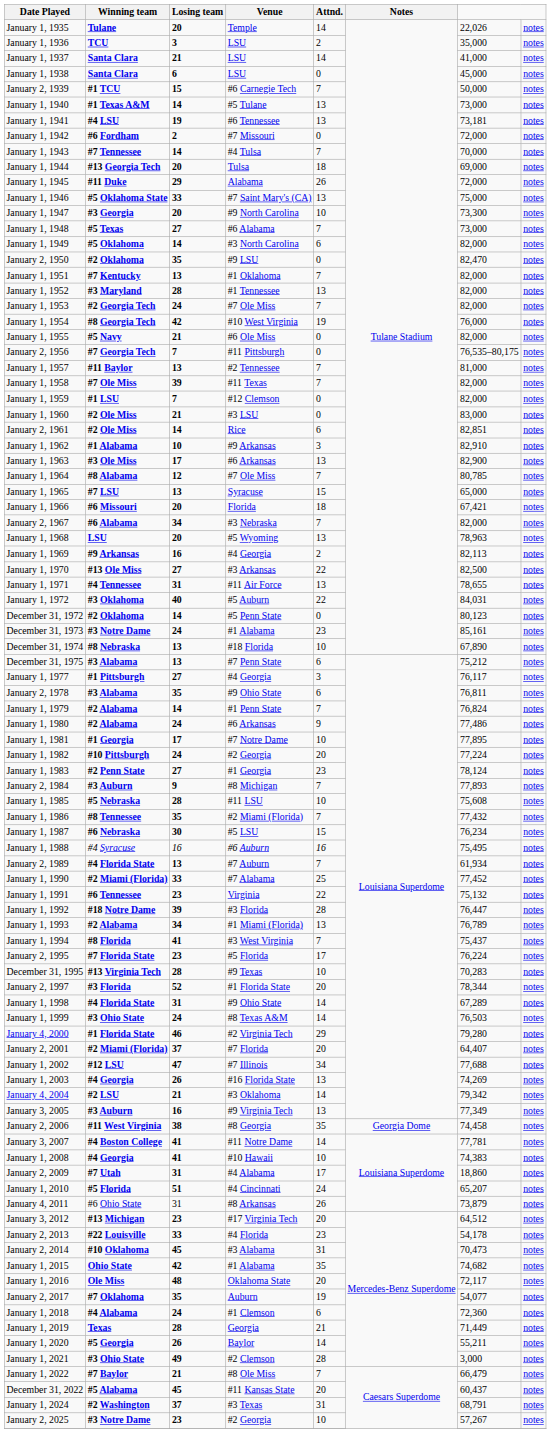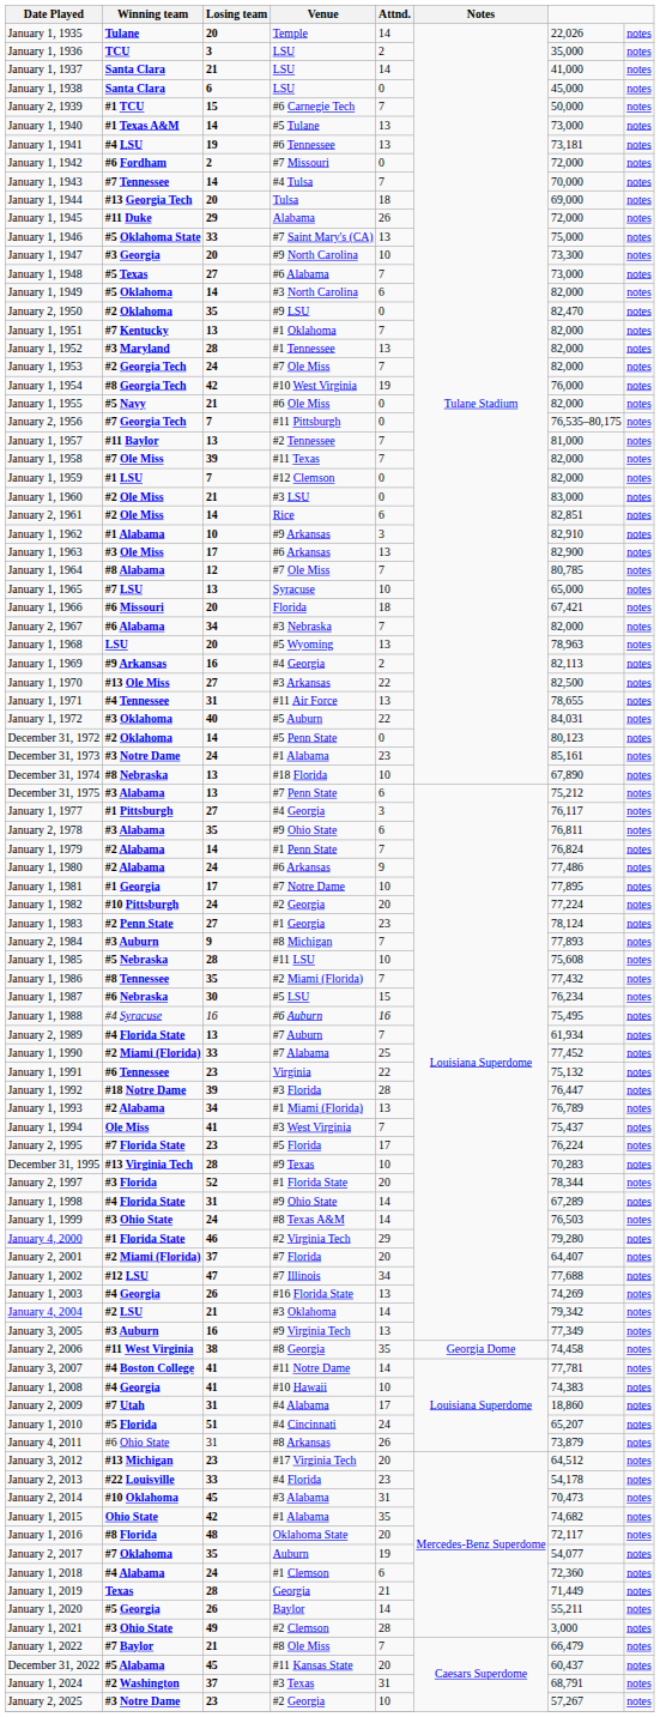 <table class="wikitable">
 <tr>
 <th>Date Played</th>
 <th>Winning team</th>
 <th>Losing team</th>
 <th>Venue</th>
 <th>Attnd.</th>
 <th>Notes</th>
 </tr>
 <tr>
 <td>January 1, 1935</td>
 <td><strong><a href='#'>Tulane</a></strong></td>
 <td><strong>20</strong></td>
 <td><a href='#'>Temple</a></td>
 <td>14</td>
 <td style="text-align:center;" rowspan="41"><a href='#'>Tulane Stadium</a></td>
 <td>22,026</td>
 <td><a href='#'>notes</a></td>
 </tr>
 <tr>
 <td>January 1, 1936</td>
 <td><strong><a href='#'>TCU</a></strong></td>
 <td><strong>3</strong></td>
 <td><a href='#'>LSU</a></td>
 <td>2</td>
 <td>35,000</td>
 <td><a href='#'>notes</a></td>
 </tr>
 <tr>
 <td>January 1, 1937</td>
 <td><strong><a href='#'>Santa Clara</a></strong></td>
 <td><strong>21</strong></td>
 <td><a href='#'>LSU</a></td>
 <td>14</td>
 <td>41,000</td>
 <td><a href='#'>notes</a></td>
 </tr>
 <tr>
 <td>January 1, 1938</td>
 <td><strong><a href='#'>Santa Clara</a></strong></td>
 <td><strong>6</strong></td>
 <td><a href='#'>LSU</a></td>
 <td>0</td>
 <td>45,000</td>
 <td><a href='#'>notes</a></td>
 </tr>
 <tr>
 <td>January 2, 1939</td>
 <td><strong>#1 <a href='#'>TCU</a></strong></td>
 <td><strong>15</strong></td>
 <td>#6 <a href='#'>Carnegie Tech</a></td>
 <td>7</td>
 <td>50,000</td>
 <td><a href='#'>notes</a></td>
 </tr>
 <tr>
 <td>January 1, 1940</td>
 <td><strong>#1 <a href='#'>Texas A&M</a></strong></td>
 <td><strong>14</strong></td>
 <td>#5 <a href='#'>Tulane</a></td>
 <td>13</td>
 <td>73,000</td>
 <td><a href='#'>notes</a></td>
 </tr>
 <tr>
 <td>January 1, 1941</td>
 <td><strong>#4 <a href='#'>LSU</a></strong></td>
 <td><strong>19</strong></td>
 <td>#6 <a href='#'>Tennessee</a></td>
 <td>13</td>
 <td>73,181</td>
 <td><a href='#'>notes</a></td>
 </tr>
 <tr>
 <td>January 1, 1942</td>
 <td><strong>#6 <a href='#'>Fordham</a></strong></td>
 <td><strong>2</strong></td>
 <td>#7 <a href='#'>Missouri</a></td>
 <td>0</td>
 <td>72,000</td>
 <td><a href='#'>notes</a></td>
 </tr>
 <tr>
 <td>January 1, 1943</td>
 <td><strong>#7 <a href='#'>Tennessee</a></strong></td>
 <td><strong>14</strong></td>
 <td>#4 <a href='#'>Tulsa</a></td>
 <td>7</td>
 <td>70,000</td>
 <td><a href='#'>notes</a></td>
 </tr>
 <tr>
 <td>January 1, 1944</td>
 <td><strong>#13 <a href='#'>Georgia Tech</a></strong></td>
 <td><strong>20</strong></td>
 <td><a href='#'>Tulsa</a></td>
 <td>18</td>
 <td>69,000</td>
 <td><a href='#'>notes</a></td>
 </tr>
 <tr>
 <td>January 1, 1945</td>
 <td><strong>#11 <a href='#'>Duke</a></strong></td>
 <td><strong>29</strong></td>
 <td><a href='#'>Alabama</a></td>
 <td>26</td>
 <td>72,000</td>
 <td><a href='#'>notes</a></td>
 </tr>
 <tr>
 <td>January 1, 1946</td>
 <td><strong>#5 <a href='#'>Oklahoma State</a></strong></td>
 <td><strong>33</strong></td>
 <td>#7 <a href='#'>Saint Mary's (CA)</a></td>
 <td>13</td>
 <td>75,000</td>
 <td><a href='#'>notes</a></td>
 </tr>
 <tr>
 <td>January 1, 1947</td>
 <td><strong>#3 <a href='#'>Georgia</a></strong></td>
 <td><strong>20</strong></td>
 <td>#9 <a href='#'>North Carolina</a></td>
 <td>10</td>
 <td>73,300</td>
 <td><a href='#'>notes</a></td>
 </tr>
 <tr>
 <td>January 1, 1948</td>
 <td><strong>#5 <a href='#'>Texas</a></strong></td>
 <td><strong>27</strong></td>
 <td>#6 <a href='#'>Alabama</a></td>
 <td>7</td>
 <td>73,000</td>
 <td><a href='#'>notes</a></td>
 </tr>
 <tr>
 <td>January 1, 1949</td>
 <td><strong>#5 <a href='#'>Oklahoma</a></strong></td>
 <td><strong>14</strong></td>
 <td>#3 <a href='#'>North Carolina</a></td>
 <td>6</td>
 <td>82,000</td>
 <td><a href='#'>notes</a></td>
 </tr>
 <tr>
 <td>January 2, 1950</td>
 <td><strong>#2 <a href='#'>Oklahoma</a></strong></td>
 <td><strong>35</strong></td>
 <td>#9 <a href='#'>LSU</a></td>
 <td>0</td>
 <td>82,470</td>
 <td><a href='#'>notes</a></td>
 </tr>
 <tr>
 <td>January 1, 1951</td>
 <td><strong>#7 <a href='#'>Kentucky</a></strong></td>
 <td><strong>13</strong></td>
 <td>#1 <a href='#'>Oklahoma</a></td>
 <td>7</td>
 <td>82,000</td>
 <td><a href='#'>notes</a></td>
 </tr>
 <tr>
 <td>January 1, 1952</td>
 <td><strong>#3 <a href='#'>Maryland</a></strong></td>
 <td><strong>28</strong></td>
 <td>#1 <a href='#'>Tennessee</a></td>
 <td>13</td>
 <td>82,000</td>
 <td><a href='#'>notes</a></td>
 </tr>
 <tr>
 <td>January 1, 1953</td>
 <td><strong>#2 <a href='#'>Georgia Tech</a></strong></td>
 <td><strong>24</strong></td>
 <td>#7 <a href='#'>Ole Miss</a></td>
 <td>7</td>
 <td>82,000</td>
 <td><a href='#'>notes</a></td>
 </tr>
 <tr>
 <td>January 1, 1954</td>
 <td><strong>#8 <a href='#'>Georgia Tech</a></strong></td>
 <td><strong>42</strong></td>
 <td>#10 <a href='#'>West Virginia</a></td>
 <td>19</td>
 <td>76,000</td>
 <td><a href='#'>notes</a></td>
 </tr>
 <tr>
 <td>January 1, 1955</td>
 <td><strong>#5 <a href='#'>Navy</a></strong></td>
 <td><strong>21</strong></td>
 <td>#6 <a href='#'>Ole Miss</a></td>
 <td>0</td>
 <td>82,000</td>
 <td><a href='#'>notes</a></td>
 </tr>
 <tr>
 <td>January 2, 1956</td>
 <td><strong>#7 <a href='#'>Georgia Tech</a></strong></td>
 <td><strong>7</strong></td>
 <td>#11 <a href='#'>Pittsburgh</a></td>
 <td>0</td>
 <td>76,535–80,175</td>
 <td><a href='#'>notes</a></td>
 </tr>
 <tr>
 <td>January 1, 1957</td>
 <td><strong>#11 <a href='#'>Baylor</a></strong></td>
 <td><strong>13</strong></td>
 <td>#2 <a href='#'>Tennessee</a></td>
 <td>7</td>
 <td>81,000</td>
 <td><a href='#'>notes</a></td>
 </tr>
 <tr>
 <td>January 1, 1958</td>
 <td><strong>#7 <a href='#'>Ole Miss</a></strong></td>
 <td><strong>39</strong></td>
 <td>#11 <a href='#'>Texas</a></td>
 <td>7</td>
 <td>82,000</td>
 <td><a href='#'>notes</a></td>
 </tr>
 <tr>
 <td>January 1, 1959</td>
 <td><strong>#1 <a href='#'>LSU</a></strong></td>
 <td><strong>7</strong></td>
 <td>#12 <a href='#'>Clemson</a></td>
 <td>0</td>
 <td>82,000</td>
 <td><a href='#'>notes</a></td>
 </tr>
 <tr>
 <td>January 1, 1960</td>
 <td><strong>#2 <a href='#'>Ole Miss</a></strong></td>
 <td><strong>21</strong></td>
 <td>#3 <a href='#'>LSU</a></td>
 <td>0</td>
 <td>83,000</td>
 <td><a href='#'>notes</a></td>
 </tr>
 <tr>
 <td>January 2, 1961</td>
 <td><strong>#2 <a href='#'>Ole Miss</a></strong></td>
 <td><strong>14</strong></td>
 <td><a href='#'>Rice</a></td>
 <td>6</td>
 <td>82,851</td>
 <td><a href='#'>notes</a></td>
 </tr>
 <tr>
 <td>January 1, 1962</td>
 <td><strong>#1 <a href='#'>Alabama</a></strong></td>
 <td><strong>10</strong></td>
 <td>#9 <a href='#'>Arkansas</a></td>
 <td>3</td>
 <td>82,910</td>
 <td><a href='#'>notes</a></td>
 </tr>
 <tr>
 <td>January 1, 1963</td>
 <td><strong>#3 <a href='#'>Ole Miss</a></strong></td>
 <td><strong>17</strong></td>
 <td>#6 <a href='#'>Arkansas</a></td>
 <td>13</td>
 <td>82,900</td>
 <td><a href='#'>notes</a></td>
 </tr>
 <tr>
 <td>January 1, 1964</td>
 <td><strong>#8 <a href='#'>Alabama</a></strong></td>
 <td><strong>12</strong></td>
 <td>#7 <a href='#'>Ole Miss</a></td>
 <td>7</td>
 <td>80,785</td>
 <td><a href='#'>notes</a></td>
 </tr>
 <tr>
 <td>January 1, 1965</td>
 <td><strong>#7 <a href='#'>LSU</a></strong></td>
 <td><strong>13</strong></td>
 <td><a href='#'>Syracuse</a></td>
-<td>15</td>
+<td>10</td>
 <td>65,000</td>
 <td><a href='#'>notes</a></td>
 </tr>
 <tr>
 <td>January 1, 1966</td>
 <td><strong>#6 <a href='#'>Missouri</a></strong></td>
 <td><strong>20</strong></td>
 <td><a href='#'>Florida</a></td>
 <td>18</td>
 <td>67,421</td>
 <td><a href='#'>notes</a></td>
 </tr>
 <tr>
 <td>January 2, 1967</td>
 <td><strong>#6 <a href='#'>Alabama</a></strong></td>
 <td><strong>34</strong></td>
 <td>#3 <a href='#'>Nebraska</a></td>
 <td>7</td>
 <td>82,000</td>
 <td><a href='#'>notes</a></td>
 </tr>
 <tr>
 <td>January 1, 1968</td>
 <td><strong><a href='#'>LSU</a></strong></td>
 <td><strong>20</strong></td>
 <td>#5 <a href='#'>Wyoming</a></td>
 <td>13</td>
 <td>78,963</td>
 <td><a href='#'>notes</a></td>
 </tr>
 <tr>
 <td>January 1, 1969</td>
 <td><strong>#9 <a href='#'>Arkansas</a></strong></td>
 <td><strong>16</strong></td>
 <td>#4 <a href='#'>Georgia</a></td>
 <td>2</td>
 <td>82,113</td>
 <td><a href='#'>notes</a></td>
 </tr>
 <tr>
 <td>January 1, 1970</td>
 <td><strong>#13 <a href='#'>Ole Miss</a></strong></td>
 <td><strong>27</strong></td>
 <td>#3 <a href='#'>Arkansas</a></td>
 <td>22</td>
 <td>82,500</td>
 <td><a href='#'>notes</a></td>
 </tr>
 <tr>
 <td>January 1, 1971</td>
 <td><strong>#4 <a href='#'>Tennessee</a></strong></td>
 <td><strong>31</strong></td>
 <td>#11 <a href='#'>Air Force</a></td>
 <td>13</td>
 <td>78,655</td>
 <td><a href='#'>notes</a></td>
 </tr>
 <tr>
 <td>January 1, 1972</td>
 <td><strong>#3 <a href='#'>Oklahoma</a></strong></td>
 <td><strong>40</strong></td>
 <td>#5 <a href='#'>Auburn</a></td>
 <td>22</td>
 <td>84,031</td>
 <td><a href='#'>notes</a></td>
 </tr>
 <tr>
 <td>December 31, 1972</td>
 <td><strong>#2 <a href='#'>Oklahoma</a></strong></td>
 <td><strong>14</strong></td>
 <td>#5 <a href='#'>Penn State</a></td>
 <td>0</td>
 <td>80,123</td>
 <td><a href='#'>notes</a></td>
 </tr>
 <tr>
 <td>December 31, 1973</td>
 <td><strong>#3 <a href='#'>Notre Dame</a></strong></td>
 <td><strong>24</strong></td>
 <td>#1 <a href='#'>Alabama</a></td>
 <td>23</td>
 <td>85,161</td>
 <td><a href='#'>notes</a></td>
 </tr>
 <tr>
 <td>December 31, 1974</td>
 <td><strong>#8 <a href='#'>Nebraska</a></strong></td>
 <td><strong>13</strong></td>
 <td>#18 <a href='#'>Florida</a></td>
 <td>10</td>
 <td>67,890</td>
 <td><a href='#'>notes</a></td>
 </tr>
 <tr>
 <td>December 31, 1975</td>
 <td><strong>#3 <a href='#'>Alabama</a></strong></td>
 <td><strong>13</strong></td>
 <td>#7 <a href='#'>Penn State</a></td>
 <td>6</td>
 <td style="text-align:center;" rowspan="30"><a href='#'>Louisiana Superdome</a></td>
 <td>75,212</td>
 <td><a href='#'>notes</a></td>
 </tr>
 <tr>
 <td>January 1, 1977</td>
 <td><strong>#1 <a href='#'>Pittsburgh</a></strong></td>
 <td><strong>27</strong></td>
 <td>#4 <a href='#'>Georgia</a></td>
 <td>3</td>
 <td>76,117</td>
 <td><a href='#'>notes</a></td>
 </tr>
 <tr>
 <td>January 2, 1978</td>
 <td><strong>#3 <a href='#'>Alabama</a></strong></td>
 <td><strong>35</strong></td>
 <td>#9 <a href='#'>Ohio State</a></td>
 <td>6</td>
 <td>76,811</td>
 <td><a href='#'>notes</a></td>
 </tr>
 <tr>
 <td>January 1, 1979</td>
 <td><strong>#2 <a href='#'>Alabama</a></strong></td>
 <td><strong>14</strong></td>
 <td>#1 <a href='#'>Penn State</a></td>
 <td>7</td>
 <td>76,824</td>
 <td><a href='#'>notes</a></td>
 </tr>
 <tr>
 <td>January 1, 1980</td>
 <td><strong>#2 <a href='#'>Alabama</a></strong></td>
 <td><strong>24</strong></td>
 <td>#6 <a href='#'>Arkansas</a></td>
 <td>9</td>
 <td>77,486</td>
 <td><a href='#'>notes</a></td>
 </tr>
 <tr>
 <td>January 1, 1981</td>
 <td><strong>#1 <a href='#'>Georgia</a></strong></td>
 <td><strong>17</strong></td>
 <td>#7 <a href='#'>Notre Dame</a></td>
 <td>10</td>
 <td>77,895</td>
 <td><a href='#'>notes</a></td>
 </tr>
 <tr>
 <td>January 1, 1982</td>
 <td><strong>#10 <a href='#'>Pittsburgh</a></strong></td>
 <td><strong>24</strong></td>
 <td>#2 <a href='#'>Georgia</a></td>
 <td>20</td>
 <td>77,224</td>
 <td><a href='#'>notes</a></td>
 </tr>
 <tr>
 <td>January 1, 1983</td>
 <td><strong>#2 <a href='#'>Penn State</a></strong></td>
 <td><strong>27</strong></td>
 <td>#1 <a href='#'>Georgia</a></td>
 <td>23</td>
 <td>78,124</td>
 <td><a href='#'>notes</a></td>
 </tr>
 <tr>
 <td>January 2, 1984</td>
 <td><strong>#3 <a href='#'>Auburn</a></strong></td>
 <td><strong>9</strong></td>
 <td>#8 <a href='#'>Michigan</a></td>
 <td>7</td>
 <td>77,893</td>
 <td><a href='#'>notes</a></td>
 </tr>
 <tr>
 <td>January 1, 1985</td>
 <td><strong>#5 <a href='#'>Nebraska</a></strong></td>
 <td><strong>28</strong></td>
 <td>#11 <a href='#'>LSU</a></td>
 <td>10</td>
 <td>75,608</td>
 <td><a href='#'>notes</a></td>
 </tr>
 <tr>
 <td>January 1, 1986</td>
 <td><strong>#8 <a href='#'>Tennessee</a></strong></td>
 <td><strong>35</strong></td>
 <td>#2 <a href='#'>Miami (Florida)</a></td>
 <td>7</td>
 <td>77,432</td>
 <td><a href='#'>notes</a></td>
 </tr>
 <tr>
 <td>January 1, 1987</td>
 <td><strong>#6 <a href='#'>Nebraska</a></strong></td>
 <td><strong>30</strong></td>
 <td>#5 <a href='#'>LSU</a></td>
 <td>15</td>
 <td>76,234</td>
 <td><a href='#'>notes</a></td>
 </tr>
 <tr>
 <td>January 1, 1988</td>
 <td><em>#4 <a href='#'>Syracuse</a></em></td>
 <td><em>16</em></td>
 <td><em>#6 <a href='#'>Auburn</a></em></td>
 <td><em>16</em></td>
 <td>75,495</td>
 <td><a href='#'>notes</a></td>
 </tr>
 <tr>
 <td>January 2, 1989</td>
 <td><strong>#4 <a href='#'>Florida State</a></strong></td>
 <td><strong>13</strong></td>
 <td>#7 <a href='#'>Auburn</a></td>
 <td>7</td>
 <td>61,934</td>
 <td><a href='#'>notes</a></td>
 </tr>
 <tr>
 <td>January 1, 1990</td>
 <td><strong>#2 <a href='#'>Miami (Florida)</a></strong></td>
 <td><strong>33</strong></td>
 <td>#7 <a href='#'>Alabama</a></td>
 <td>25</td>
 <td>77,452</td>
 <td><a href='#'>notes</a></td>
 </tr>
 <tr>
 <td>January 1, 1991</td>
 <td><strong>#6 <a href='#'>Tennessee</a></strong></td>
 <td><strong>23</strong></td>
 <td><a href='#'>Virginia</a></td>
 <td>22</td>
 <td>75,132</td>
 <td><a href='#'>notes</a></td>
 </tr>
 <tr>
 <td>January 1, 1992</td>
 <td><strong>#18 <a href='#'>Notre Dame</a></strong></td>
 <td><strong>39</strong></td>
 <td>#3 <a href='#'>Florida</a></td>
 <td>28</td>
 <td>76,447</td>
 <td><a href='#'>notes</a></td>
 </tr>
 <tr>
 <td>January 1, 1993</td>
 <td><strong>#2 <a href='#'>Alabama</a></strong></td>
 <td><strong>34</strong></td>
 <td>#1 <a href='#'>Miami (Florida)</a></td>
 <td>13</td>
 <td>76,789</td>
 <td><a href='#'>notes</a></td>
 </tr>
 <tr>
 <td>January 1, 1994</td>
-<td><strong>#8 <a href='#'>Florida</a></strong></td>
+<td><strong> <a href='#'>Ole Miss</a></strong></td>
 <td><strong>41</strong></td>
 <td>#3 <a href='#'>West Virginia</a></td>
 <td>7</td>
 <td>75,437</td>
 <td><a href='#'>notes</a></td>
 </tr>
 <tr>
 <td>January 2, 1995</td>
 <td><strong>#7 <a href='#'>Florida State</a></strong></td>
 <td><strong>23</strong></td>
 <td>#5 <a href='#'>Florida</a></td>
 <td>17</td>
 <td>76,224</td>
 <td><a href='#'>notes</a></td>
 </tr>
 <tr>
 <td>December 31, 1995</td>
 <td><strong>#13 <a href='#'>Virginia Tech</a></strong></td>
 <td><strong>28</strong></td>
 <td>#9 <a href='#'>Texas</a></td>
 <td>10</td>
 <td>70,283</td>
 <td><a href='#'>notes</a></td>
 </tr>
 <tr>
 <td>January 2, 1997</td>
 <td><strong>#3 <a href='#'>Florida</a></strong></td>
 <td><strong>52</strong></td>
 <td>#1 <a href='#'>Florida State</a></td>
 <td>20</td>
 <td>78,344</td>
 <td><a href='#'>notes</a></td>
 </tr>
 <tr>
 <td>January 1, 1998</td>
 <td><strong>#4 <a href='#'>Florida State</a></strong></td>
 <td><strong>31</strong></td>
 <td>#9 <a href='#'>Ohio State</a></td>
 <td>14</td>
 <td>67,289</td>
 <td><a href='#'>notes</a></td>
 </tr>
 <tr>
 <td>January 1, 1999</td>
 <td><strong>#3 <a href='#'>Ohio State</a></strong></td>
 <td><strong>24</strong></td>
 <td>#8 <a href='#'>Texas A&M</a></td>
 <td>14</td>
 <td>76,503</td>
 <td><a href='#'>notes</a></td>
 </tr>
 <tr>
 <td><a href='#'>January 4, 2000</a></td>
 <td><strong>#1 <a href='#'>Florida State</a></strong></td>
 <td><strong>46</strong></td>
 <td>#2 <a href='#'>Virginia Tech</a></td>
 <td>29</td>
 <td>79,280</td>
 <td><a href='#'>notes</a></td>
 </tr>
 <tr>
 <td>January 2, 2001</td>
 <td><strong>#2 <a href='#'>Miami (Florida)</a></strong></td>
 <td><strong>37</strong></td>
 <td>#7 <a href='#'>Florida</a></td>
 <td>20</td>
 <td>64,407</td>
 <td><a href='#'>notes</a></td>
 </tr>
 <tr>
 <td>January 1, 2002</td>
 <td><strong>#12 <a href='#'>LSU</a></strong></td>
 <td><strong>47</strong></td>
 <td>#7 <a href='#'>Illinois</a></td>
 <td>34</td>
 <td>77,688</td>
 <td><a href='#'>notes</a></td>
 </tr>
 <tr>
 <td>January 1, 2003</td>
 <td><strong>#4 <a href='#'>Georgia</a></strong></td>
 <td><strong>26</strong></td>
 <td>#16 <a href='#'>Florida State</a></td>
 <td>13</td>
 <td>74,269</td>
 <td><a href='#'>notes</a></td>
 </tr>
 <tr>
 <td><a href='#'>January 4, 2004</a></td>
 <td><strong>#2 <a href='#'>LSU</a></strong></td>
 <td><strong>21</strong></td>
 <td>#3 <a href='#'>Oklahoma</a></td>
 <td>14</td>
 <td>79,342</td>
 <td><a href='#'>notes</a></td>
 </tr>
 <tr>
 <td>January 3, 2005</td>
 <td><strong>#3 <a href='#'>Auburn</a></strong></td>
 <td><strong>16</strong></td>
 <td>#9 <a href='#'>Virginia Tech</a></td>
 <td>13</td>
 <td>77,349</td>
 <td><a href='#'>notes</a></td>
 </tr>
 <tr>
 <td>January 2, 2006</td>
 <td><strong>#11 <a href='#'>West Virginia</a></strong></td>
 <td><strong>38</strong></td>
 <td>#8 <a href='#'>Georgia</a></td>
 <td>35</td>
 <td style="text-align:center;"><a href='#'>Georgia Dome</a></td>
 <td>74,458</td>
 <td><a href='#'>notes</a></td>
 </tr>
 <tr>
 <td>January 3, 2007</td>
 <td><strong>#4 <a href='#'>Boston College</a></strong></td>
 <td><strong>41</strong></td>
 <td>#11 <a href='#'>Notre Dame</a></td>
 <td>14</td>
 <td style="text-align:center;" rowspan="5"><a href='#'>Louisiana Superdome</a></td>
 <td>77,781</td>
 <td><a href='#'>notes</a></td>
 </tr>
 <tr>
 <td>January 1, 2008</td>
 <td><strong>#4 <a href='#'>Georgia</a></strong></td>
 <td><strong>41</strong></td>
 <td>#10 <a href='#'>Hawaii</a></td>
 <td>10</td>
 <td>74,383</td>
 <td><a href='#'>notes</a></td>
 </tr>
 <tr>
 <td>January 2, 2009</td>
 <td><strong>#7 <a href='#'>Utah</a></strong></td>
 <td><strong>31</strong></td>
 <td>#4 <a href='#'>Alabama</a></td>
 <td>17</td>
 <td>18,860</td>
 <td><a href='#'>notes</a></td>
 </tr>
 <tr>
 <td>January 1, 2010</td>
 <td><strong>#5 <a href='#'>Florida</a></strong></td>
 <td><strong>51</strong></td>
 <td>#4 <a href='#'>Cincinnati</a></td>
 <td>24</td>
 <td>65,207</td>
 <td><a href='#'>notes</a></td>
 </tr>
 <tr>
 <td>January 4, 2011</td>
 <td>#6 <a href='#'>Ohio State</a></td>
 <td>31</td>
 <td>#8 <a href='#'>Arkansas</a></td>
 <td>26</td>
 <td>73,879</td>
 <td><a href='#'>notes</a></td>
 </tr>
 <tr>
 <td>January 3, 2012</td>
 <td><strong>#13 <a href='#'>Michigan</a></strong></td>
 <td><strong>23</strong></td>
 <td>#17 <a href='#'>Virginia Tech</a></td>
 <td>20</td>
 <td style="text-align:center;" rowspan="10"><a href='#'>Mercedes-Benz Superdome</a></td>
 <td>64,512</td>
 <td><a href='#'>notes</a></td>
 </tr>
 <tr>
 <td>January 2, 2013</td>
 <td><strong>#22 <a href='#'>Louisville</a></strong></td>
 <td><strong>33</strong></td>
 <td>#4 <a href='#'>Florida</a></td>
 <td>23</td>
 <td>54,178</td>
 <td><a href='#'>notes</a></td>
 </tr>
 <tr>
 <td>January 2, 2014</td>
 <td><strong>#10 <a href='#'>Oklahoma</a></strong></td>
 <td><strong>45</strong></td>
 <td>#3 <a href='#'>Alabama</a></td>
 <td>31</td>
 <td>70,473</td>
 <td><a href='#'>notes</a></td>
 </tr>
 <tr>
 <td>January 1, 2015</td>
 <td><strong> <a href='#'>Ohio State</a></strong></td>
 <td><strong>42</strong></td>
 <td>#1 <a href='#'>Alabama</a></td>
 <td>35</td>
 <td>74,682</td>
 <td><a href='#'>notes</a></td>
 </tr>
 <tr>
 <td>January 1, 2016</td>
-<td><strong> <a href='#'>Ole Miss</a></strong></td>
+<td><strong>#8 <a href='#'>Florida</a></strong></td>
 <td><strong>48</strong></td>
 <td> <a href='#'>Oklahoma State</a></td>
 <td>20</td>
 <td>72,117</td>
 <td><a href='#'>notes</a></td>
 </tr>
 <tr>
 <td>January 2, 2017</td>
 <td><strong>#7 <a href='#'>Oklahoma</a></strong></td>
 <td><strong>35</strong></td>
 <td> <a href='#'>Auburn</a></td>
 <td>19</td>
 <td>54,077</td>
 <td><a href='#'>notes</a></td>
 </tr>
 <tr>
 <td>January 1, 2018</td>
 <td><strong>#4 <a href='#'>Alabama</a></strong></td>
 <td><strong>24</strong></td>
 <td>#1 <a href='#'>Clemson</a></td>
 <td>6</td>
 <td>72,360</td>
 <td><a href='#'>notes</a></td>
 </tr>
 <tr>
 <td>January 1, 2019</td>
 <td><strong> <a href='#'>Texas</a></strong></td>
 <td><strong>28</strong></td>
 <td> <a href='#'>Georgia</a></td>
 <td>21</td>
 <td>71,449</td>
 <td><a href='#'>notes</a></td>
 </tr>
 <tr>
 <td>January 1, 2020</td>
 <td><strong>#5 <a href='#'>Georgia</a></strong></td>
 <td><strong>26</strong></td>
 <td> <a href='#'>Baylor</a></td>
 <td>14</td>
 <td>55,211</td>
 <td><a href='#'>notes</a></td>
 </tr>
 <tr>
 <td>January 1, 2021</td>
 <td><strong>#3 <a href='#'>Ohio State</a></strong></td>
 <td><strong>49</strong></td>
 <td>#2 <a href='#'>Clemson</a></td>
 <td>28</td>
 <td>3,000</td>
 <td><a href='#'>notes</a></td>
 </tr>
 <tr>
 <td>January 1, 2022</td>
 <td><strong>#7 <a href='#'>Baylor</a></strong></td>
 <td><strong>21</strong></td>
 <td>#8 <a href='#'>Ole Miss</a></td>
 <td>7</td>
 <td style="text-align:center;" rowspan="5"><a href='#'>Caesars Superdome</a></td>
 <td>66,479</td>
 <td><a href='#'>notes</a></td>
 </tr>
 <tr>
 <td>December 31, 2022</td>
 <td><strong>#5 <a href='#'>Alabama</a></strong></td>
 <td><strong>45</strong></td>
 <td>#11 <a href='#'>Kansas State</a></td>
 <td>20</td>
 <td>60,437</td>
 <td><a href='#'>notes</a></td>
 </tr>
 <tr>
 <td>January 1, 2024</td>
 <td><strong>#2 <a href='#'>Washington</a></strong></td>
 <td><strong>37</strong></td>
 <td>#3 <a href='#'>Texas</a></td>
 <td>31</td>
 <td>68,791</td>
 <td><a href='#'>notes</a></td>
 </tr>
 <tr>
 <td>January 2, 2025</td>
 <td><strong>#3 <a href='#'>Notre Dame</a></strong></td>
 <td><strong>23</strong></td>
 <td>#2 <a href='#'>Georgia</a></td>
 <td>10</td>
 <td>57,267</td>
 <td><a href='#'>notes</a></td>
 </tr>
 <tr>
 </tr>
 </table>
